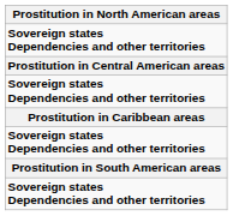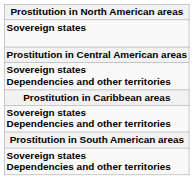 <table class="wikitable">
 <tr>
 <th>Prostitution in North American areas</th>
 </tr>
 <tr>
-<td><strong>Sovereign states</strong><br> <strong>Dependencies and other territories</strong>  <br></td>
+<td><strong>Sovereign states</strong><br> <br></td>
 </tr>
 <tr>
 <th>Prostitution in Central American areas</th>
 </tr>
 <tr>
 <td><strong>Sovereign states</strong><br> <strong>Dependencies and other territories</strong>  <br></td>
 </tr>
 <tr>
 <th>Prostitution in Caribbean areas</th>
 </tr>
 <tr>
 <td><strong>Sovereign states</strong><br> <strong>Dependencies and other territories</strong>  <br></td>
 </tr>
 <tr>
 <th>Prostitution in South American areas</th>
 </tr>
 <tr>
 <td><strong>Sovereign states</strong><br> <strong>Dependencies and other territories</strong>  <br></td>
 </tr>
 </table>
